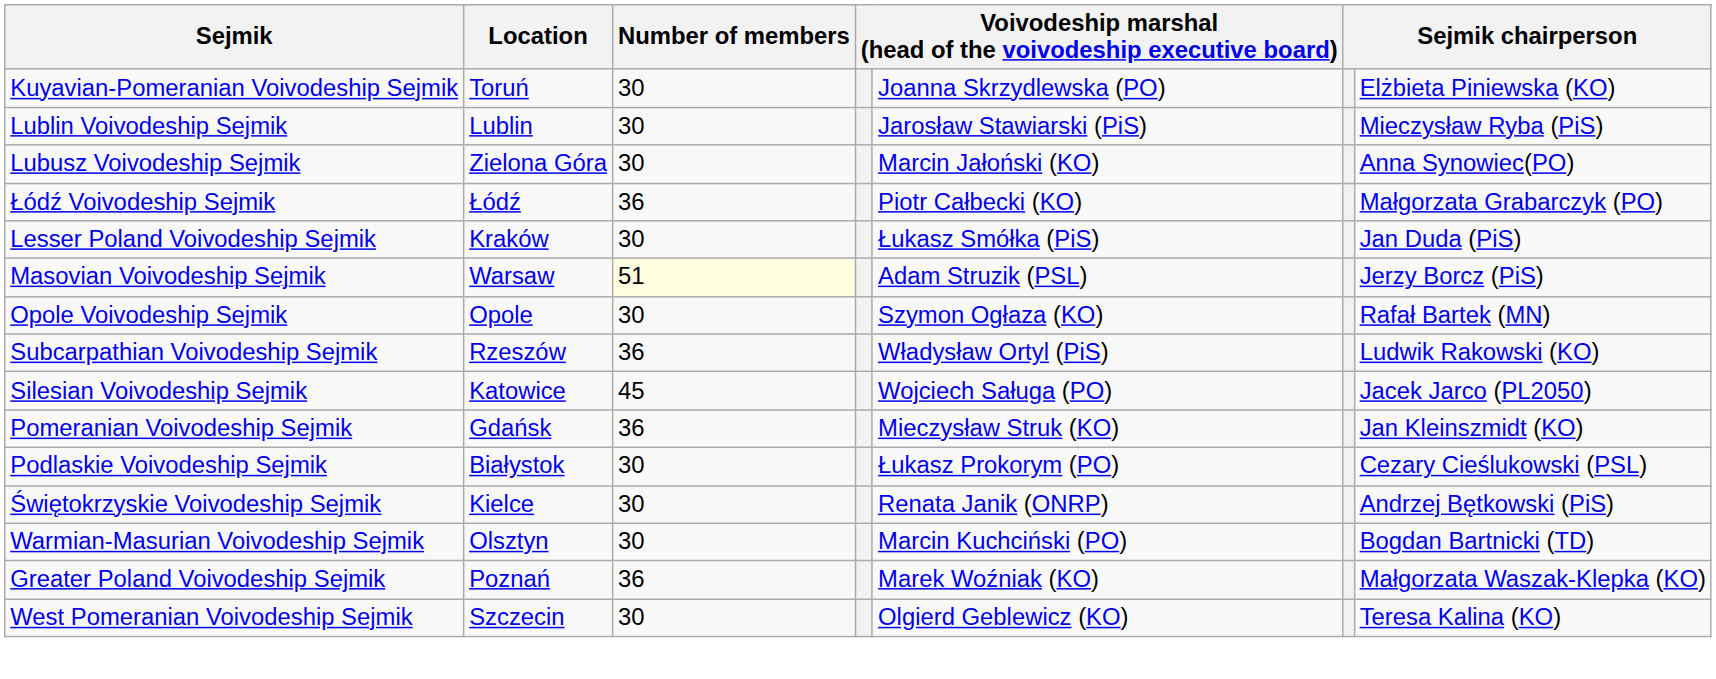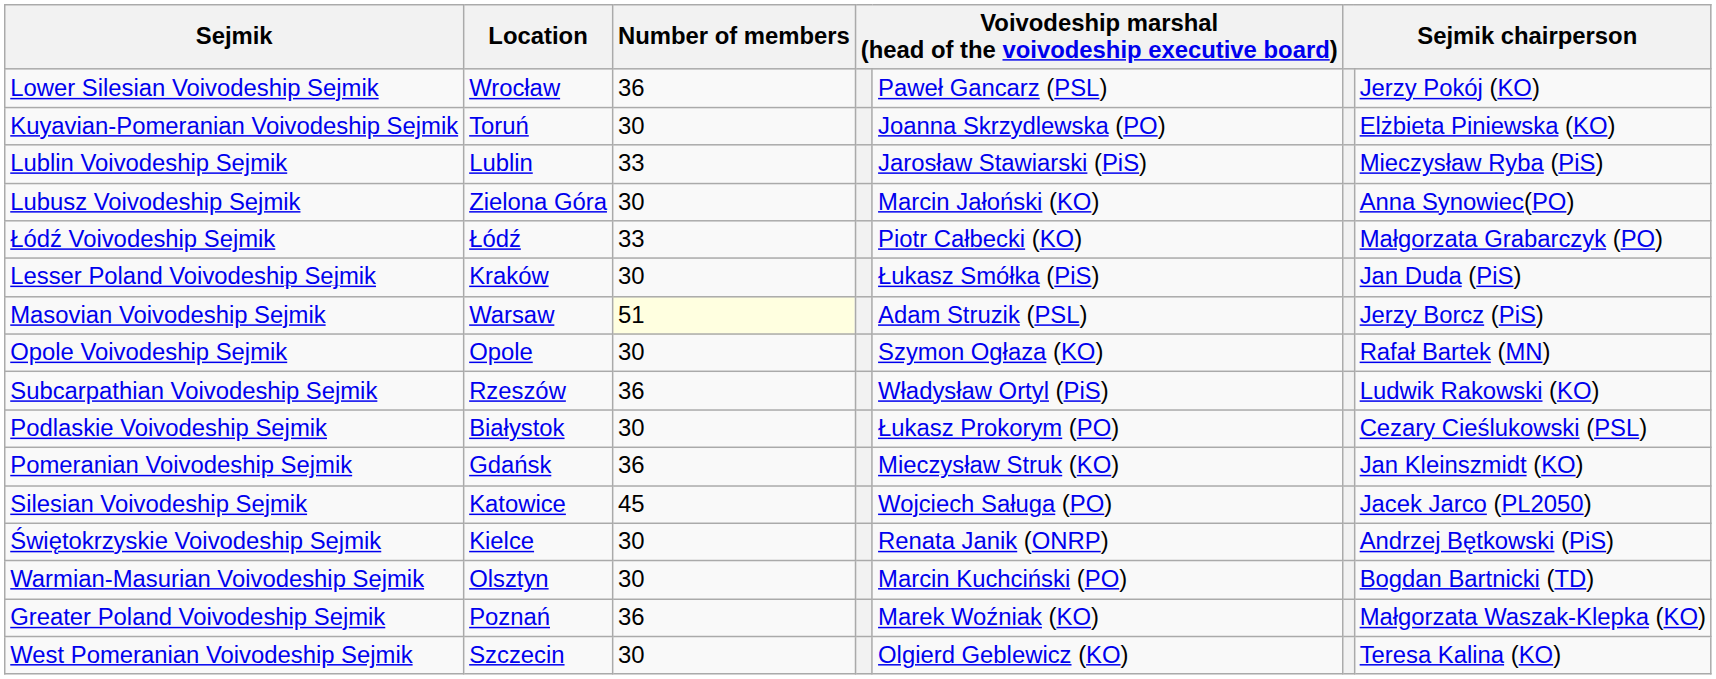 <table class="wikitable sortable">
 <tr>
 <th>Sejmik</th>
 <th>Location</th>
 <th>Number of members</th>
 <th colspan="2">Voivodeship marshal<br>(head of the <a href='#'>voivodeship executive board</a>)</th>
 <th colspan="2">Sejmik chairperson</th>
+</tr>
+<tr>
+<td><a href='#'>Lower Silesian Voivodeship Sejmik</a></td>
+<td><a href='#'>Wrocław</a></td>
+<td>36</td>
+<th style="background:"></th>
+<td><a href='#'>Paweł Gancarz</a> (<a href='#'>PSL</a>)</td>
+<th style="background:"></th>
+<td><a href='#'>Jerzy Pokój</a> (<a href='#'>KO</a>)</td>
 </tr>
 <tr>
 <td><a href='#'>Kuyavian-Pomeranian Voivodeship Sejmik</a></td>
 <td><a href='#'>Toruń</a></td>
 <td>30</td>
 <th style="background:"></th>
 <td><a href='#'>Joanna Skrzydlewska</a> (<a href='#'>PO</a>)</td>
 <th style="background:"></th>
 <td><a href='#'>Elżbieta Piniewska</a> (<a href='#'>KO</a>)</td>
 </tr>
 <tr>
 <td><a href='#'>Lublin Voivodeship Sejmik</a></td>
 <td><a href='#'>Lublin</a></td>
-<td>30</td>
+<td>33</td>
 <th style="background:"></th>
 <td><a href='#'>Jarosław Stawiarski</a> (<a href='#'>PiS</a>)</td>
 <th style="background:"></th>
 <td><a href='#'>Mieczysław Ryba</a> (<a href='#'>PiS</a>)</td>
 </tr>
 <tr>
 <td><a href='#'>Lubusz Voivodeship Sejmik</a></td>
 <td><a href='#'>Zielona Góra</a></td>
 <td>30</td>
 <th style="background:"></th>
 <td><a href='#'>Marcin Jałoński</a> (<a href='#'>KO</a>)</td>
 <th style="background:"></th>
 <td><a href='#'>Anna Synowiec</a>(<a href='#'>PO</a>)</td>
 </tr>
 <tr>
 <td><a href='#'>Łódź Voivodeship Sejmik</a></td>
 <td><a href='#'>Łódź</a></td>
-<td>36</td>
+<td>33</td>
 <th style="background:"></th>
 <td><a href='#'>Piotr Całbecki</a> (<a href='#'>KO</a>)</td>
 <th style="background:"></th>
 <td><a href='#'>Małgorzata Grabarczyk</a> (<a href='#'>PO</a>)</td>
 </tr>
 <tr>
 <td><a href='#'>Lesser Poland Voivodeship Sejmik</a></td>
 <td><a href='#'>Kraków</a></td>
 <td>30</td>
 <th style="background:"></th>
 <td><a href='#'>Łukasz Smółka</a> (<a href='#'>PiS</a>)</td>
 <th style="background:"></th>
 <td><a href='#'>Jan Duda</a> (<a href='#'>PiS</a>)</td>
 </tr>
 <tr>
 <td><a href='#'>Masovian Voivodeship Sejmik</a></td>
 <td><a href='#'>Warsaw</a></td>
 <td style="background: lightyellow;">51</td>
 <th style="background:"></th>
 <td><a href='#'>Adam Struzik</a> (<a href='#'>PSL</a>)</td>
 <th style="background:"></th>
 <td><a href='#'>Jerzy Borcz</a> (<a href='#'>PiS</a>)</td>
 </tr>
 <tr>
 <td><a href='#'>Opole Voivodeship Sejmik</a></td>
 <td><a href='#'>Opole</a></td>
 <td>30</td>
 <th style="background:"></th>
 <td><a href='#'>Szymon Ogłaza</a> (<a href='#'>KO</a>)</td>
 <th style="background:"></th>
 <td><a href='#'>Rafał Bartek</a> (<a href='#'>MN</a>)</td>
 </tr>
 <tr>
 <td><a href='#'>Subcarpathian Voivodeship Sejmik</a></td>
 <td><a href='#'>Rzeszów</a></td>
 <td>36</td>
 <th style="background:"></th>
 <td><a href='#'>Władysław Ortyl</a> (<a href='#'>PiS</a>)</td>
 <th style="background:"></th>
 <td><a href='#'>Ludwik Rakowski</a> (<a href='#'>KO</a>)</td>
 </tr>
 <tr>
-<td><a href='#'>Silesian Voivodeship Sejmik</a></td>
-<td><a href='#'>Katowice</a></td>
-<td>45</td>
+<td><a href='#'>Podlaskie Voivodeship Sejmik</a></td>
+<td><a href='#'>Białystok</a></td>
+<td>30</td>
 <th style="background:"></th>
-<td><a href='#'>Wojciech Saługa</a> (<a href='#'>PO</a>)</td>
+<td><a href='#'>Łukasz Prokorym</a> (<a href='#'>PO</a>)</td>
 <th style="background:"></th>
-<td><a href='#'>Jacek Jarco</a> (<a href='#'>PL2050</a>)</td>
+<td><a href='#'>Cezary Cieślukowski</a> (<a href='#'>PSL</a>)</td>
 </tr>
 <tr>
 <td><a href='#'>Pomeranian Voivodeship Sejmik</a></td>
 <td><a href='#'>Gdańsk</a></td>
 <td>36</td>
 <th style="background:"></th>
 <td><a href='#'>Mieczysław Struk</a> (<a href='#'>KO</a>)</td>
 <th style="background:"></th>
 <td><a href='#'>Jan Kleinszmidt</a> (<a href='#'>KO</a>)</td>
 </tr>
 <tr>
-<td><a href='#'>Podlaskie Voivodeship Sejmik</a></td>
-<td><a href='#'>Białystok</a></td>
-<td>30</td>
+<td><a href='#'>Silesian Voivodeship Sejmik</a></td>
+<td><a href='#'>Katowice</a></td>
+<td>45</td>
 <th style="background:"></th>
-<td><a href='#'>Łukasz Prokorym</a> (<a href='#'>PO</a>)</td>
+<td><a href='#'>Wojciech Saługa</a> (<a href='#'>PO</a>)</td>
 <th style="background:"></th>
-<td><a href='#'>Cezary Cieślukowski</a> (<a href='#'>PSL</a>)</td>
+<td><a href='#'>Jacek Jarco</a> (<a href='#'>PL2050</a>)</td>
 </tr>
 <tr>
 <td><a href='#'>Świętokrzyskie Voivodeship Sejmik</a></td>
 <td><a href='#'>Kielce</a></td>
 <td>30</td>
 <th style="background:"></th>
 <td><a href='#'>Renata Janik</a> (<a href='#'>ONRP</a>)</td>
 <th style="background:"></th>
 <td><a href='#'>Andrzej Bętkowski</a> (<a href='#'>PiS</a>)</td>
 </tr>
 <tr>
 <td><a href='#'>Warmian-Masurian Voivodeship Sejmik</a></td>
 <td><a href='#'>Olsztyn</a></td>
 <td>30</td>
 <th style="background:"></th>
 <td><a href='#'>Marcin Kuchciński</a> (<a href='#'>PO</a>)</td>
 <th style="background:"></th>
 <td><a href='#'>Bogdan Bartnicki</a> (<a href='#'>TD</a>)</td>
 </tr>
 <tr>
 <td><a href='#'>Greater Poland Voivodeship Sejmik</a></td>
 <td><a href='#'>Poznań</a></td>
 <td>36</td>
 <th style="background:"></th>
 <td><a href='#'>Marek Woźniak</a> (<a href='#'>KO</a>)</td>
 <th style="background:"></th>
 <td><a href='#'>Małgorzata Waszak-Klepka</a> (<a href='#'>KO</a>)</td>
 </tr>
 <tr>
 <td><a href='#'>West Pomeranian Voivodeship Sejmik</a></td>
 <td><a href='#'>Szczecin</a></td>
 <td>30</td>
 <th style="background:"></th>
 <td><a href='#'>Olgierd Geblewicz</a> (<a href='#'>KO</a>)</td>
 <th style="background:"></th>
 <td><a href='#'>Teresa Kalina</a> (<a href='#'>KO</a>)</td>
 </tr>
 </table>
